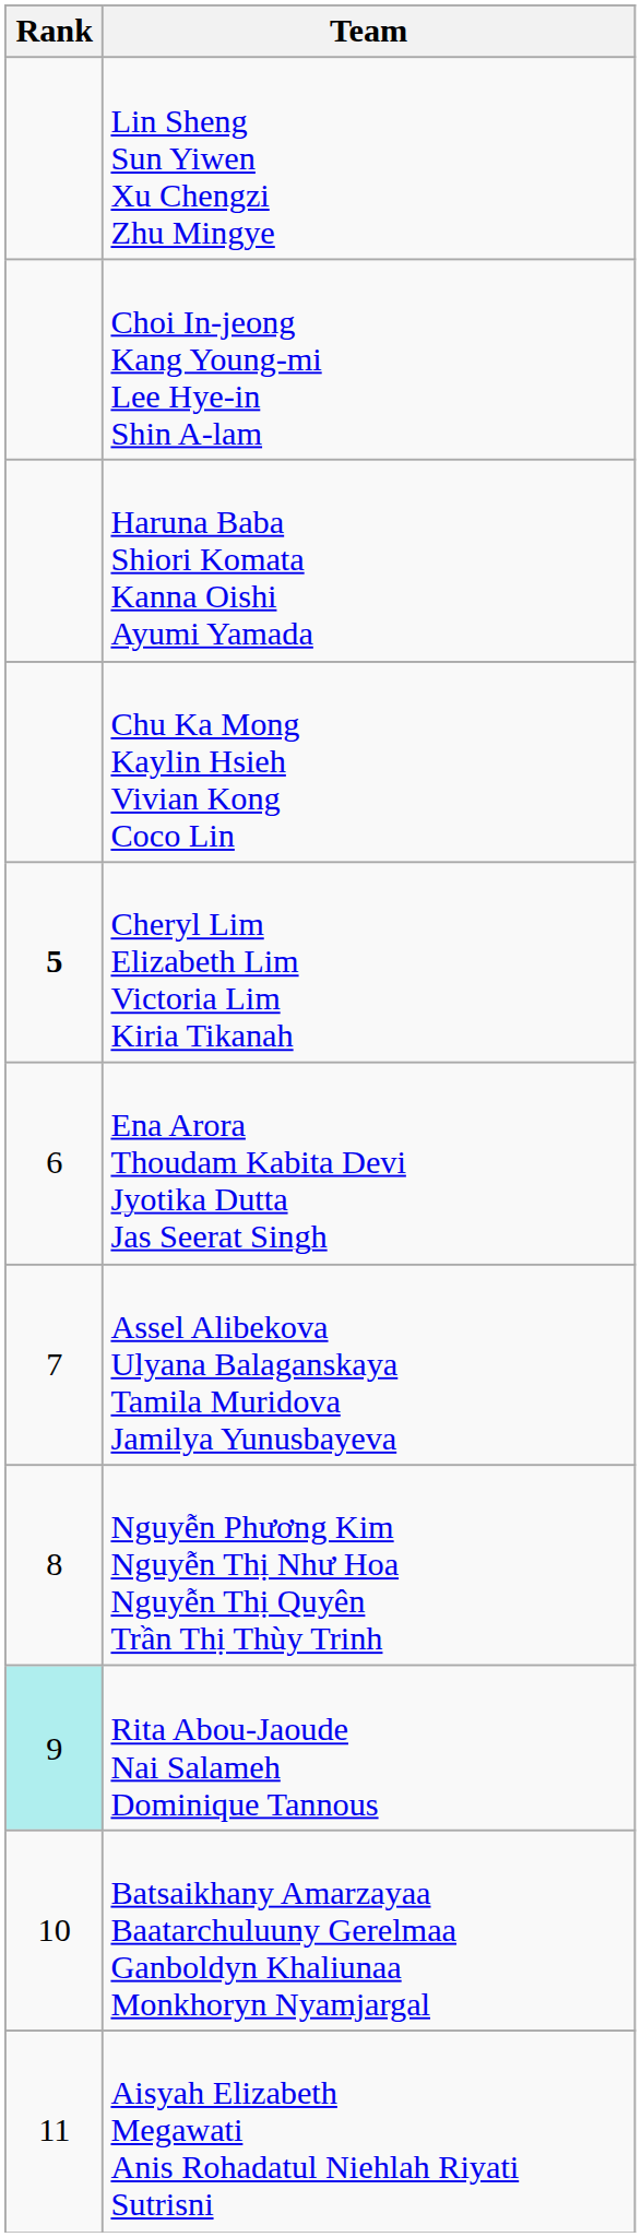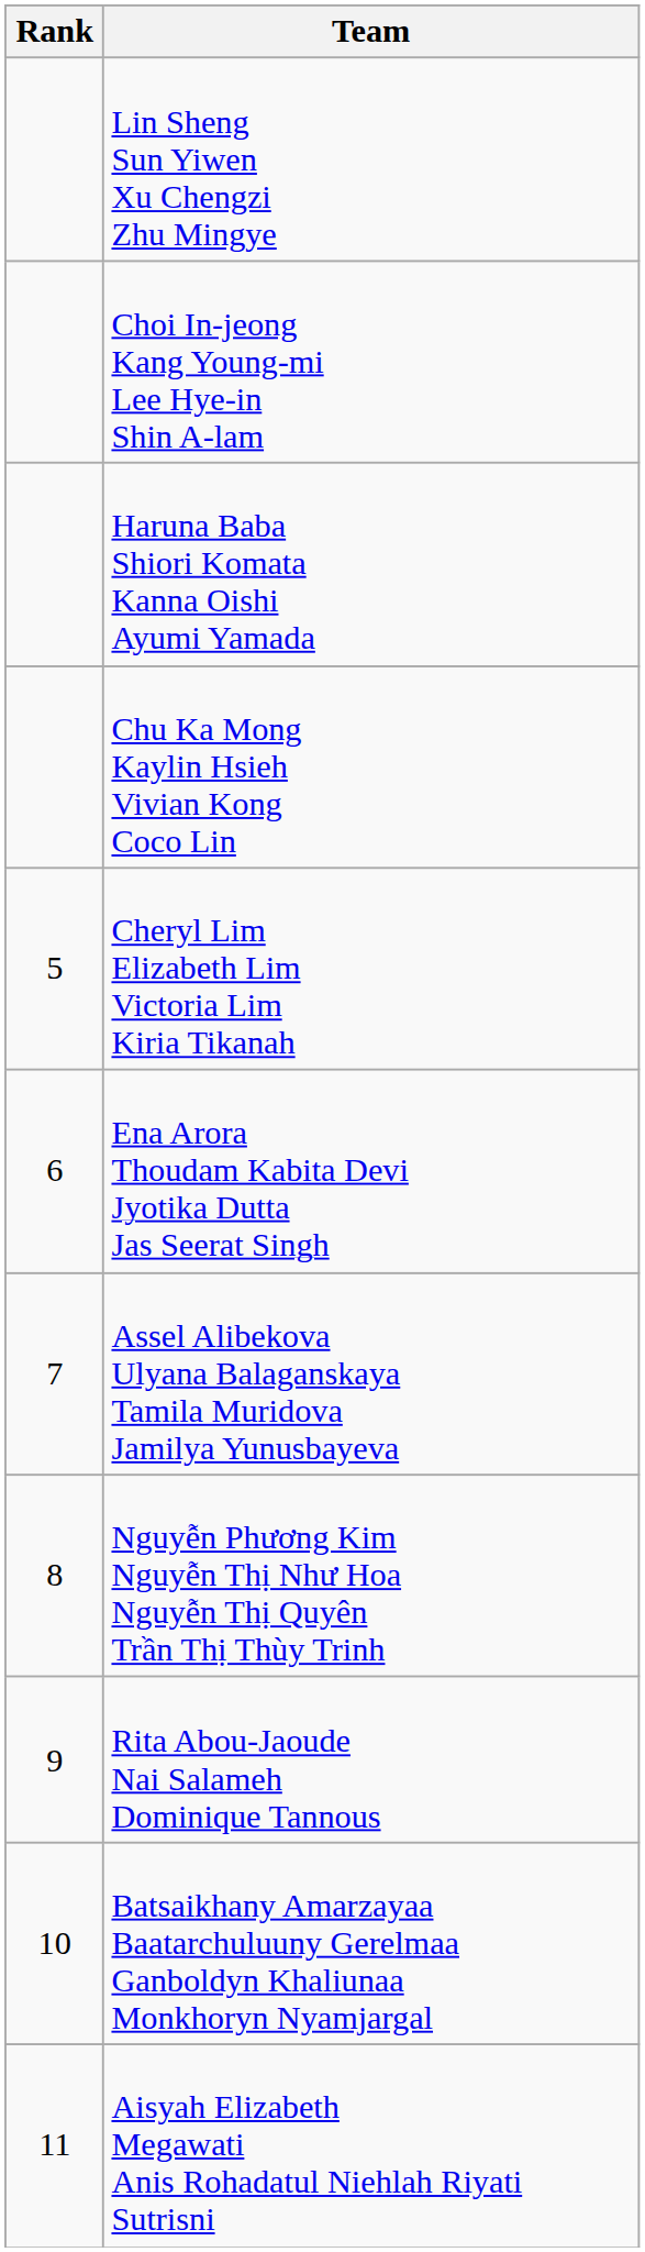 <table class="wikitable" style="text-align: center;">
 <tr>
 <th width=40>Rank</th>
 <th width=250>Team</th>
 </tr>
 <tr>
 <td></td>
 <td align=left><br><a href='#'>Lin Sheng</a><br><a href='#'>Sun Yiwen</a><br><a href='#'>Xu Chengzi</a><br><a href='#'>Zhu Mingye</a></td>
 </tr>
 <tr>
 <td></td>
 <td align=left><br><a href='#'>Choi In-jeong</a><br><a href='#'>Kang Young-mi</a><br><a href='#'>Lee Hye-in</a><br><a href='#'>Shin A-lam</a></td>
 </tr>
 <tr>
 <td></td>
 <td align=left><br><a href='#'>Haruna Baba</a><br><a href='#'>Shiori Komata</a><br><a href='#'>Kanna Oishi</a><br><a href='#'>Ayumi Yamada</a></td>
 </tr>
 <tr>
 <td></td>
 <td align=left><br><a href='#'>Chu Ka Mong</a><br><a href='#'>Kaylin Hsieh</a><br><a href='#'>Vivian Kong</a><br><a href='#'>Coco Lin</a></td>
 </tr>
 <tr>
-<td><strong>5</strong></td>
+<td>5</td>
 <td align=left><br><a href='#'>Cheryl Lim</a><br><a href='#'>Elizabeth Lim</a><br><a href='#'>Victoria Lim</a><br><a href='#'>Kiria Tikanah</a></td>
 </tr>
 <tr>
 <td>6</td>
 <td align=left><br><a href='#'>Ena Arora</a><br><a href='#'>Thoudam Kabita Devi</a><br><a href='#'>Jyotika Dutta</a><br><a href='#'>Jas Seerat Singh</a></td>
 </tr>
 <tr>
 <td>7</td>
 <td align=left><br><a href='#'>Assel Alibekova</a><br><a href='#'>Ulyana Balaganskaya</a><br><a href='#'>Tamila Muridova</a><br><a href='#'>Jamilya Yunusbayeva</a></td>
 </tr>
 <tr>
 <td>8</td>
 <td align=left><br><a href='#'>Nguyễn Phương Kim</a><br><a href='#'>Nguyễn Thị Như Hoa</a><br><a href='#'>Nguyễn Thị Quyên</a><br><a href='#'>Trần Thị Thùy Trinh</a></td>
 </tr>
 <tr>
-<td style="background: paleturquoise;">9</td>
+<td>9</td>
 <td align=left><br><a href='#'>Rita Abou-Jaoude</a><br><a href='#'>Nai Salameh</a><br><a href='#'>Dominique Tannous</a></td>
 </tr>
 <tr>
 <td>10</td>
 <td align=left><br><a href='#'>Batsaikhany Amarzayaa</a><br><a href='#'>Baatarchuluuny Gerelmaa</a><br><a href='#'>Ganboldyn Khaliunaa</a><br><a href='#'>Monkhoryn Nyamjargal</a></td>
 </tr>
 <tr>
 <td>11</td>
 <td align=left><br><a href='#'>Aisyah Elizabeth</a><br><a href='#'>Megawati</a><br><a href='#'>Anis Rohadatul Niehlah Riyati</a><br><a href='#'>Sutrisni</a></td>
 </tr>
 </table>
